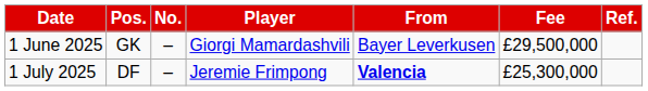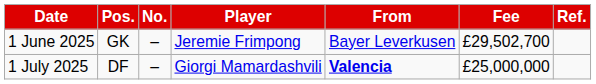 <table class="wikitable plainrowheaders sortable">
 <tr>
 <th style="background:#DD0000; color:white; ">Date</th>
 <th style="background:#DD0000; color:white; ">Pos.</th>
 <th style="background:#DD0000; color:white; ">No.</th>
 <th style="background:#DD0000; color:white; ">Player</th>
 <th style="background:#DD0000; color:white; ">From</th>
 <th style="background:#DD0000; color:white; ">Fee</th>
 <th style="background:#DD0000; color:white; ">Ref.</th>
 </tr>
 <tr>
 <td>1 June 2025</td>
 <td style="text-align:center">GK</td>
 <td style="text-align:center">–</td>
-<td> <a href='#'>Giorgi Mamardashvili</a></td>
+<td> <a href='#'>Jeremie Frimpong</a></td>
 <td> <a href='#'>Bayer Leverkusen</a></td>
-<td> £29,500,000</td>
+<td> £29,502,700</td>
 <td></td>
 </tr>
 <tr>
 <td>1 July 2025</td>
 <td style="text-align:center">DF</td>
 <td style="text-align:center">–</td>
-<td> <a href='#'>Jeremie Frimpong</a></td>
+<td> <a href='#'>Giorgi Mamardashvili</a></td>
 <td><strong> <a href='#'>Valencia</a></strong></td>
-<td> £25,300,000</td>
+<td> £25,000,000</td>
 <td></td>
 </tr>
 </table>
